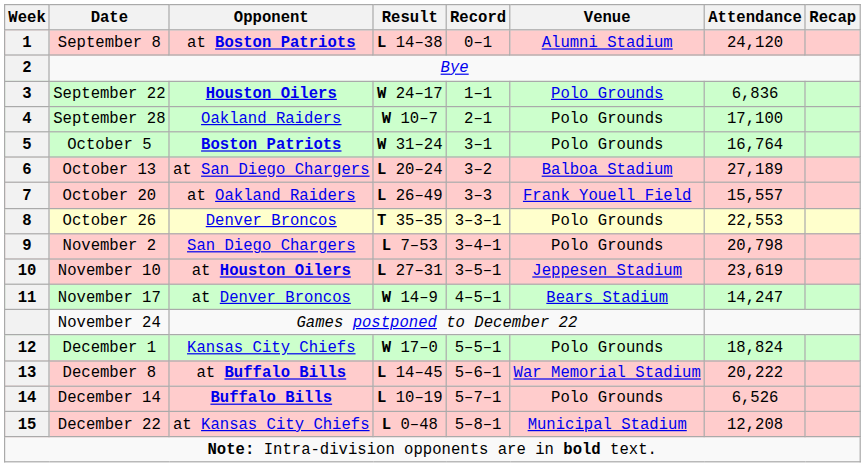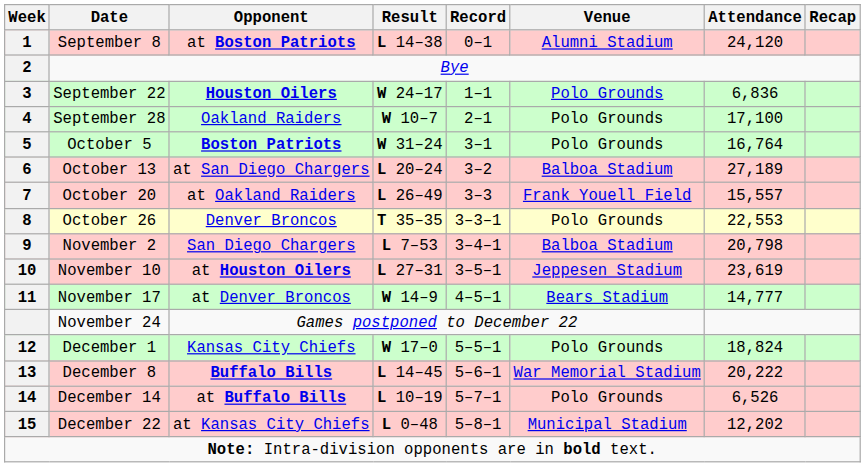 <table class="wikitable" style="text-align:center">
 <tr>
 <th>Week</th>
 <th>Date</th>
 <th>Opponent</th>
 <th>Result</th>
 <th>Record</th>
 <th>Venue</th>
 <th>Attendance</th>
 <th>Recap</th>
 </tr>
 <tr style="background:#fcc">
 <th>1</th>
 <td>September 8</td>
 <td>at <strong><a href='#'>Boston Patriots</a></strong></td>
 <td><strong>L</strong> 14–38</td>
 <td>0–1</td>
 <td><a href='#'>Alumni Stadium</a></td>
 <td>24,120</td>
 <td></td>
 </tr>
 <tr>
 <th>2</th>
 <td align=center colspan=7><em><a href='#'>Bye</a></em></td>
 </tr>
 <tr style="background:#cfc">
 <th>3</th>
 <td>September 22</td>
 <td><strong><a href='#'>Houston Oilers</a></strong></td>
 <td><strong>W</strong> 24–17</td>
 <td>1–1</td>
 <td><a href='#'>Polo Grounds</a></td>
 <td>6,836</td>
 <td></td>
 </tr>
 <tr style="background:#cfc">
 <th>4</th>
 <td>September 28</td>
 <td><a href='#'>Oakland Raiders</a></td>
 <td><strong>W</strong> 10–7</td>
 <td>2–1</td>
 <td>Polo Grounds</td>
 <td>17,100</td>
 <td></td>
 </tr>
 <tr style="background:#cfc">
 <th>5</th>
 <td>October 5</td>
 <td><strong><a href='#'>Boston Patriots</a></strong></td>
 <td><strong>W</strong> 31–24</td>
 <td>3–1</td>
 <td>Polo Grounds</td>
 <td>16,764</td>
 <td></td>
 </tr>
 <tr style="background:#fcc">
 <th>6</th>
 <td>October 13</td>
 <td>at <a href='#'>San Diego Chargers</a></td>
 <td><strong>L</strong> 20–24</td>
 <td>3–2</td>
 <td><a href='#'>Balboa Stadium</a></td>
 <td>27,189</td>
 <td></td>
 </tr>
 <tr style="background:#fcc">
 <th>7</th>
 <td>October 20</td>
 <td>at <a href='#'>Oakland Raiders</a></td>
 <td><strong>L</strong> 26–49</td>
 <td>3–3</td>
 <td><a href='#'>Frank Youell Field</a></td>
 <td>15,557</td>
 <td></td>
 </tr>
 <tr style="background:#ffc">
 <th>8</th>
 <td>October 26</td>
 <td><a href='#'>Denver Broncos</a></td>
 <td><strong>T</strong> 35–35</td>
 <td>3–3–1</td>
 <td>Polo Grounds</td>
 <td>22,553</td>
 <td></td>
 </tr>
 <tr style="background:#fcc">
 <th>9</th>
 <td>November 2</td>
 <td><a href='#'>San Diego Chargers</a></td>
 <td><strong>L</strong> 7–53</td>
 <td>3–4–1</td>
-<td>Polo Grounds</td>
+<td><a href='#'>Balboa Stadium</a></td>
 <td>20,798</td>
 <td></td>
 </tr>
 <tr style="background:#fcc">
 <th>10</th>
 <td>November 10</td>
 <td>at <strong><a href='#'>Houston Oilers</a></strong></td>
 <td><strong>L</strong> 27–31</td>
 <td>3–5–1</td>
 <td><a href='#'>Jeppesen Stadium</a></td>
 <td>23,619</td>
 <td></td>
 </tr>
 <tr style="background:#cfc">
 <th>11</th>
 <td>November 17</td>
 <td>at <a href='#'>Denver Broncos</a></td>
 <td><strong>W</strong> 14–9</td>
 <td>4–5–1</td>
 <td><a href='#'>Bears Stadium</a></td>
-<td>14,247</td>
+<td>14,777</td>
 <td></td>
 </tr>
 <tr>
 <th></th>
 <td>November 24</td>
 <td align=center colspan=4><em>Games <a href='#'>postponed</a> to December 22</em></td>
 </tr>
 <tr style="background:#cfc">
 <th>12</th>
 <td>December 1</td>
 <td><a href='#'>Kansas City Chiefs</a></td>
 <td><strong>W</strong> 17–0</td>
 <td>5–5–1</td>
 <td>Polo Grounds</td>
 <td>18,824</td>
 <td></td>
 </tr>
 <tr style="background:#fcc">
 <th>13</th>
 <td>December 8</td>
-<td>at <strong><a href='#'>Buffalo Bills</a></strong></td>
+<td><strong><a href='#'>Buffalo Bills</a></strong></td>
 <td><strong>L</strong> 14–45</td>
 <td>5–6–1</td>
 <td><a href='#'>War Memorial Stadium</a></td>
 <td>20,222</td>
 <td></td>
 </tr>
 <tr style="background:#fcc">
 <th>14</th>
 <td>December 14</td>
-<td><strong><a href='#'>Buffalo Bills</a></strong></td>
+<td>at <strong><a href='#'>Buffalo Bills</a></strong></td>
 <td><strong>L</strong> 10–19</td>
 <td>5–7–1</td>
 <td>Polo Grounds</td>
 <td>6,526</td>
 <td></td>
 </tr>
 <tr style="background:#fcc">
 <th>15</th>
 <td>December 22</td>
 <td>at <a href='#'>Kansas City Chiefs</a></td>
 <td><strong>L</strong> 0–48</td>
 <td>5–8–1</td>
 <td><a href='#'>Municipal Stadium</a></td>
-<td>12,208</td>
+<td>12,202</td>
 <td></td>
 </tr>
 <tr>
 <td colspan="8"><strong>Note:</strong> Intra-division opponents are in <strong>bold</strong> text.</td>
 </tr>
 </table>
